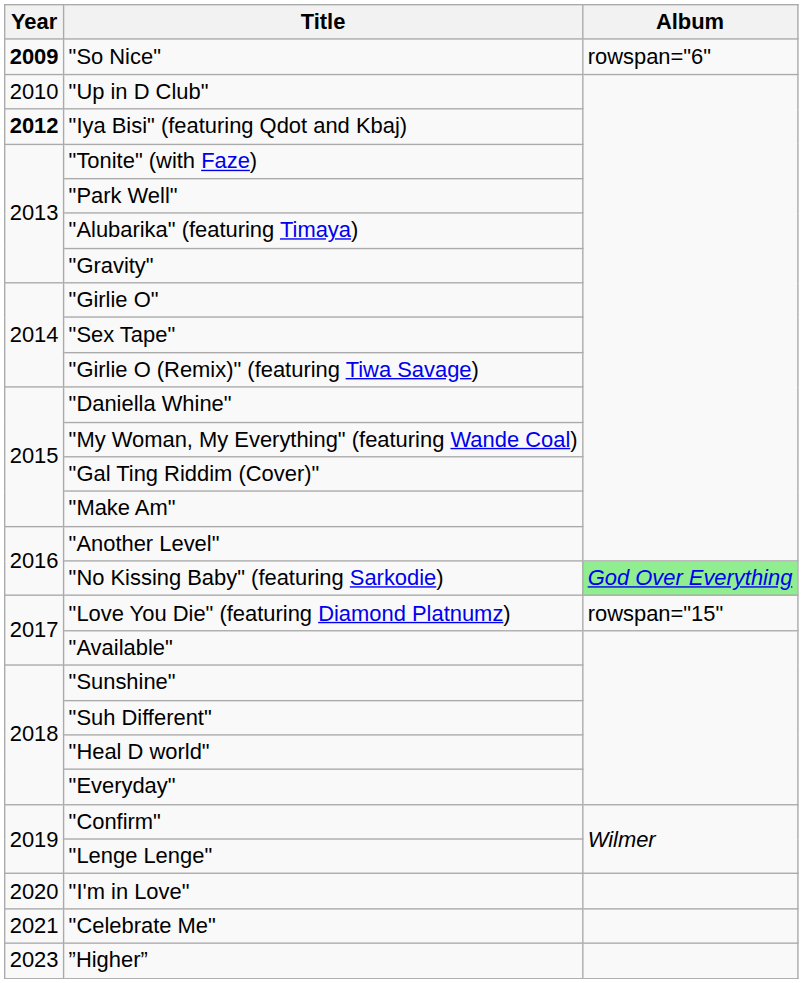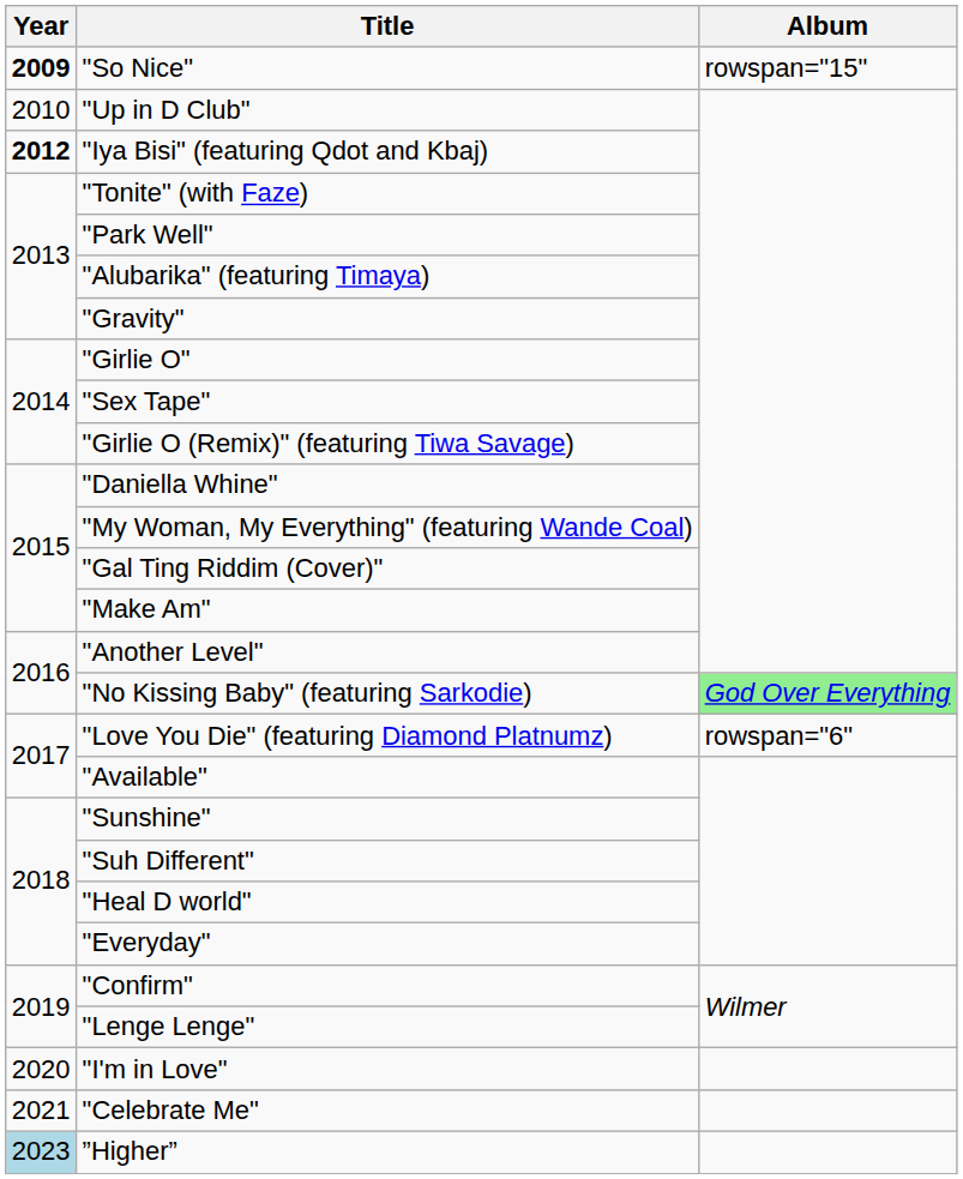 <table class="wikitable sortable">
 <tr>
 <th>Year</th>
 <th>Title</th>
 <th>Album</th>
 </tr>
 <tr>
 <td><strong>2009</strong></td>
 <td>"So Nice"</td>
-<td>rowspan="6" </td>
+<td>rowspan="15" </td>
 </tr>
 <tr>
 <td>2010</td>
 <td>"Up in D Club"</td>
 </tr>
 <tr>
 <td><strong>2012</strong></td>
 <td>"Iya Bisi" <span>(featuring Qdot and Kbaj)</span></td>
 </tr>
 <tr>
 <td rowspan="4">2013</td>
 <td>"Tonite" <span>(with <a href='#'>Faze</a>)</span></td>
 </tr>
 <tr>
 <td>"Park Well"</td>
 </tr>
 <tr>
 <td>"Alubarika" <span>(featuring <a href='#'>Timaya</a>)</span></td>
 </tr>
 <tr>
 <td>"Gravity"</td>
 </tr>
 <tr>
 <td rowspan="3">2014</td>
 <td>"Girlie O"</td>
 </tr>
 <tr>
 <td>"Sex Tape"</td>
 </tr>
 <tr>
 <td>"Girlie O (Remix)" <span>(featuring <a href='#'>Tiwa Savage</a>)</span></td>
 </tr>
 <tr>
 <td rowspan="4">2015</td>
 <td>"Daniella Whine"</td>
 </tr>
 <tr>
 <td>"My Woman, My Everything" <span>(featuring <a href='#'>Wande Coal</a>) </span></td>
 </tr>
 <tr>
 <td>"Gal Ting Riddim (Cover)"</td>
 </tr>
 <tr>
 <td>"Make Am"</td>
 </tr>
 <tr>
 <td rowspan="2">2016</td>
 <td>"Another Level"</td>
 </tr>
 <tr>
 <td>"No Kissing Baby" <span>(featuring <a href='#'>Sarkodie</a>) </span></td>
 <td style="background: lightgreen;"><em><a href='#'>God Over Everything</a></em></td>
 </tr>
 <tr>
 <td rowspan="2">2017</td>
 <td>"Love You Die" <span>(featuring <a href='#'>Diamond Platnumz</a>) </span></td>
-<td>rowspan="15" </td>
+<td>rowspan="6" </td>
 </tr>
 <tr>
 <td>"Available"</td>
 </tr>
 <tr>
 <td rowspan="4">2018</td>
 <td>"Sunshine"</td>
 </tr>
 <tr>
 <td>"Suh Different"</td>
 </tr>
 <tr>
 <td>"Heal D world"</td>
 </tr>
 <tr>
 <td>"Everyday"</td>
 </tr>
 <tr>
 <td rowspan="2">2019</td>
 <td>"Confirm"</td>
 <td rowspan="2"><em>Wilmer</em></td>
 </tr>
 <tr>
 <td>"Lenge Lenge"</td>
 </tr>
 <tr>
 <td>2020</td>
 <td>"I'm in Love"</td>
 <td></td>
 </tr>
 <tr>
 <td>2021</td>
 <td>"Celebrate Me"</td>
 <td></td>
 </tr>
 <tr>
-<td>2023</td>
+<td style="background: lightblue;">2023</td>
 <td>”Higher”</td>
 <td></td>
 </tr>
 </table>
